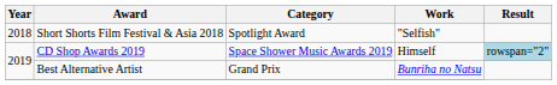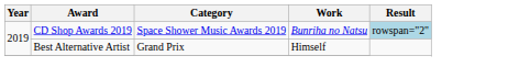 <table class="wikitable">
 <tr>
 <th scope="col">Year</th>
 <th scope="col">Award</th>
 <th>Category</th>
 <th scope="col">Work</th>
 <th scope="col">Result</th>
 </tr>
 <tr>
-<td style="text-align:center;">2018</td>
-<td>Short Shorts Film Festival & Asia 2018</td>
-<td>Spotlight Award</td>
-<td>"Selfish"</td>
-<td></td>
-</tr>
-<tr>
 <td rowspan="2"  style="text-align:center;">2019</td>
 <td><a href='#'>CD Shop Awards 2019</a></td>
 <td><a href='#'>Space Shower Music Awards 2019</a></td>
-<td>Himself</td>
+<td><em><a href='#'>Bunriha no Natsu</a></em></td>
 <td style="background: lightblue;">rowspan="2" </td>
 </tr>
 <tr>
 <td>Best Alternative Artist</td>
 <td>Grand Prix</td>
-<td><em><a href='#'>Bunriha no Natsu</a></em></td>
+<td>Himself</td>
 </tr>
 <tr>
 </tr>
 </table>
